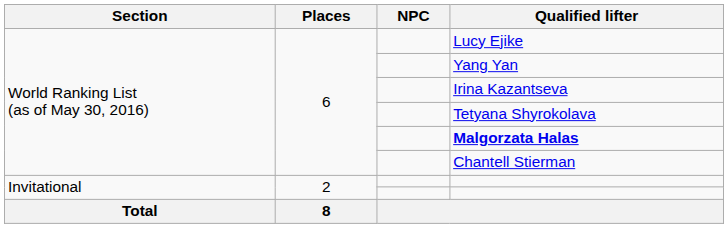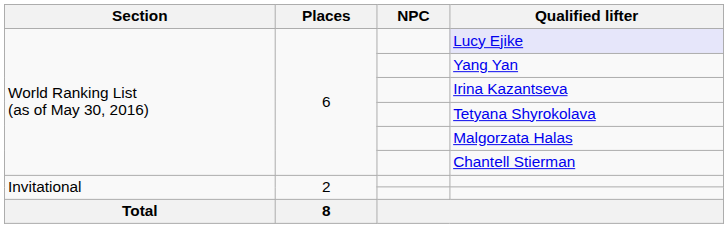 <table class="wikitable"  width=750>
 <tr>
 <th>Section</th>
 <th>Places</th>
 <th>NPC</th>
 <th>Qualified lifter</th>
 </tr>
 <tr>
 <td rowspan=6>World Ranking List<br>(as of May 30, 2016)</td>
 <td rowspan=6 align=center>6</td>
 <td></td>
-<td><a href='#'>Lucy Ejike</a></td>
+<td style="background: lavender;"><a href='#'>Lucy Ejike</a></td>
 </tr>
 <tr>
 <td></td>
 <td><a href='#'>Yang Yan</a></td>
 </tr>
 <tr>
 <td></td>
 <td><a href='#'>Irina Kazantseva</a></td>
 </tr>
 <tr>
 <td></td>
 <td><a href='#'>Tetyana Shyrokolava</a></td>
 </tr>
 <tr>
 <td></td>
-<td><strong><a href='#'>Malgorzata Halas</a></strong></td>
+<td><a href='#'>Malgorzata Halas</a></td>
 </tr>
 <tr>
 <td></td>
 <td><a href='#'>Chantell Stierman</a></td>
 </tr>
 <tr>
 <td rowspan=2>Invitational</td>
 <td rowspan="2" align=center>2</td>
 <td></td>
 <td></td>
 </tr>
 <tr>
 <td></td>
 <td></td>
 </tr>
 <tr>
 <th>Total</th>
 <th>8</th>
 <th colspan=2></th>
 </tr>
 </table>
